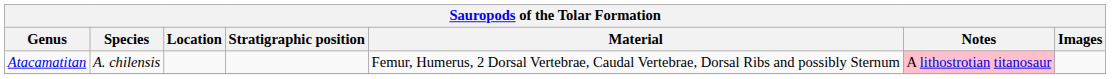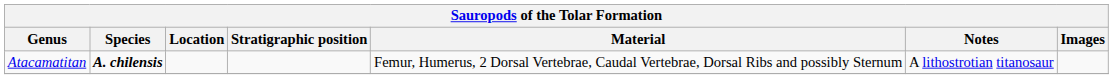 <table class="wikitable" align="center">
 <tr>
 <th colspan="7" align="center"><a href='#'>Sauropods</a> of the Tolar Formation</th>
 </tr>
 <tr>
 <th>Genus</th>
 <th>Species</th>
 <th>Location</th>
 <th>Stratigraphic position</th>
 <th>Material</th>
 <th>Notes</th>
 <th>Images</th>
 </tr>
 <tr>
 <td><em><a href='#'>Atacamatitan</a></em></td>
-<td><em>A. chilensis</em></td>
+<td><strong><em>A. chilensis</em></strong></td>
 <td></td>
 <td></td>
 <td>Femur, Humerus, 2 Dorsal Vertebrae, Caudal Vertebrae, Dorsal Ribs and possibly Sternum</td>
-<td style="background: pink;">A <a href='#'>lithostrotian</a> <a href='#'>titanosaur</a></td>
+<td>A <a href='#'>lithostrotian</a> <a href='#'>titanosaur</a></td>
 <td></td>
 </tr>
 <tr>
 </tr>
 </table>
